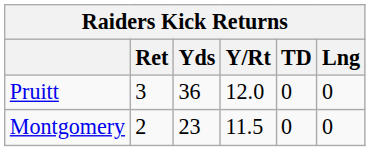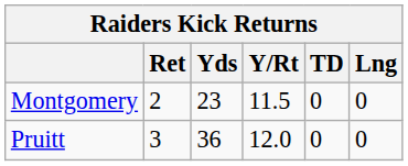 <table class="wikitable">
 <tr>
 <th colspan="6">Raiders Kick Returns</th>
 </tr>
 <tr>
 <th></th>
 <th>Ret</th>
 <th>Yds</th>
 <th>Y/Rt</th>
 <th>TD</th>
 <th>Lng</th>
 </tr>
 <tr>
+<td><a href='#'>Montgomery</a></td>
+<td>2</td>
+<td>23</td>
+<td>11.5</td>
+<td>0</td>
+<td>0</td>
+</tr>
+<tr>
 <td><a href='#'>Pruitt</a></td>
 <td>3</td>
 <td>36</td>
 <td>12.0</td>
 <td>0</td>
 <td>0</td>
 </tr>
-<tr>
-<td><a href='#'>Montgomery</a></td>
-<td>2</td>
-<td>23</td>
-<td>11.5</td>
-<td>0</td>
-<td>0</td>
-</tr>
 </table>
